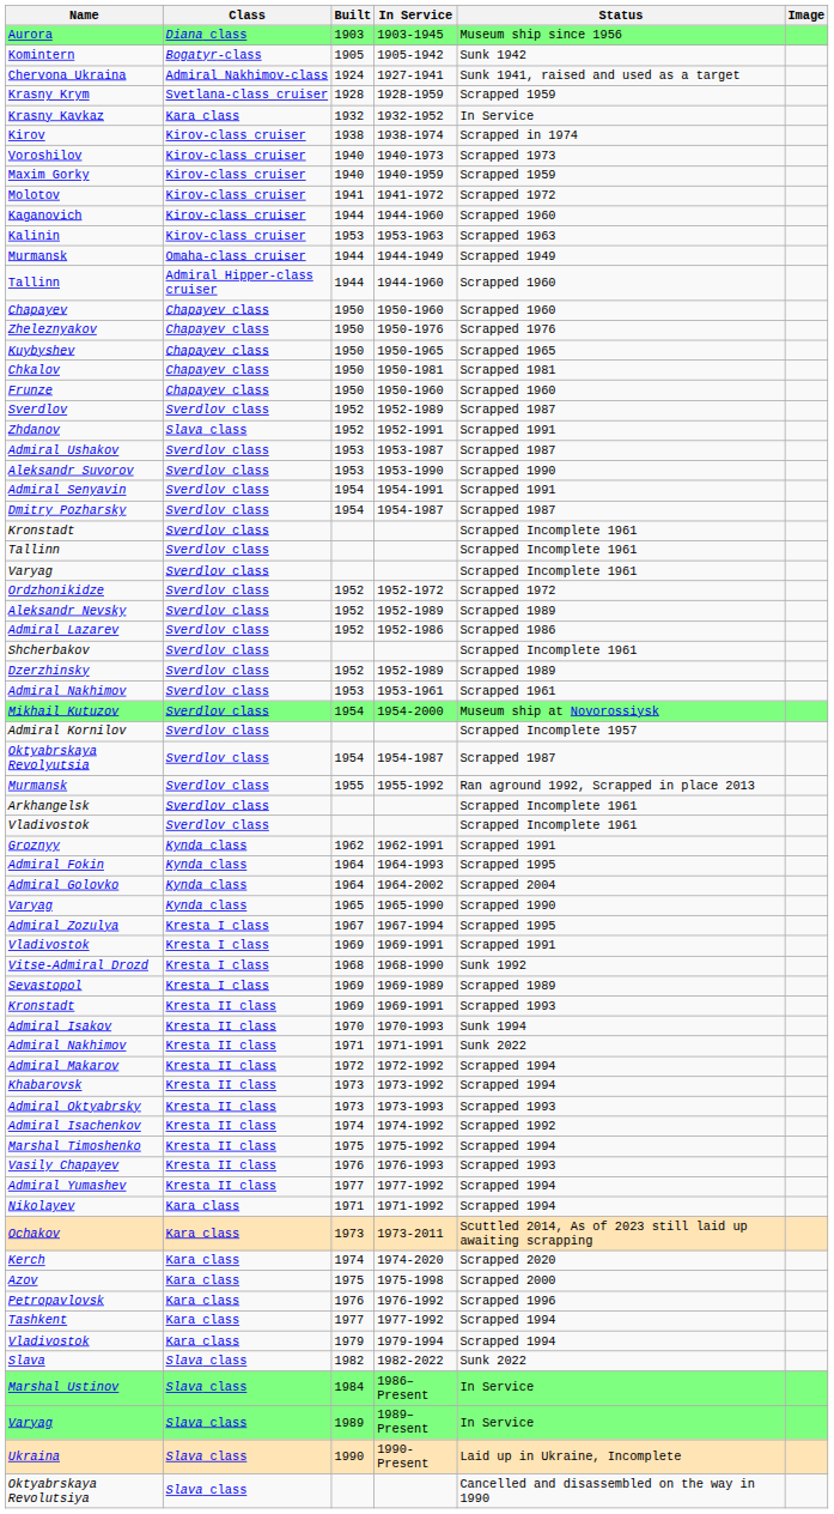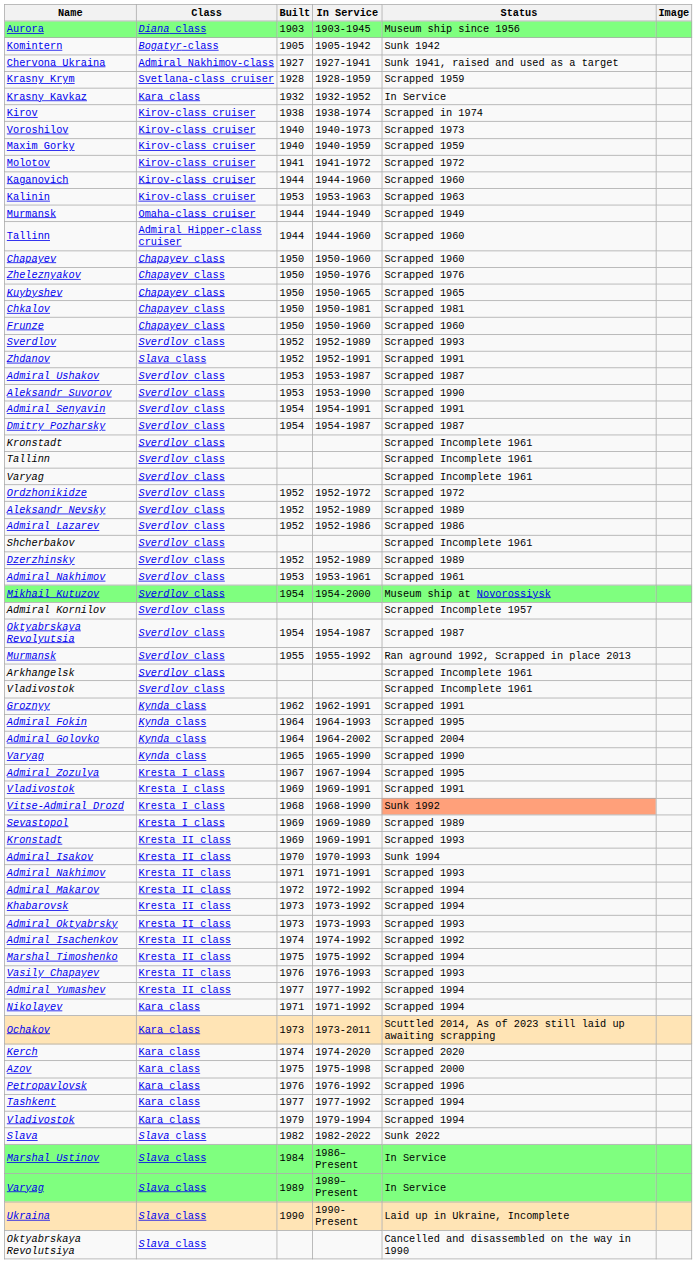 <table class="wikitable">
 <tr>
 <th>Name</th>
 <th>Class</th>
 <th>Built</th>
 <th>In Service</th>
 <th>Status</th>
 <th>Image</th>
 </tr>
 <tr style="background:#7FFF7F;">
 <td><a href='#'>Aurora</a></td>
 <td><a href='#'><em>Diana</em> class</a></td>
 <td>1903</td>
 <td>1903-1945</td>
 <td>Museum ship since 1956</td>
 <td></td>
 </tr>
 <tr>
 <td><a href='#'>Komintern</a></td>
 <td><a href='#'><em>Bogatyr</em>-class</a></td>
 <td>1905</td>
 <td>1905-1942</td>
 <td>Sunk 1942</td>
 <td></td>
 </tr>
 <tr>
 <td><a href='#'>Chervona Ukraina</a></td>
 <td><a href='#'>Admiral Nakhimov-class</a></td>
-<td>1924</td>
+<td>1927</td>
 <td>1927-1941</td>
 <td>Sunk 1941, raised and used as a target</td>
 <td></td>
 </tr>
 <tr>
 <td><a href='#'>Krasny Krym</a></td>
 <td><a href='#'>Svetlana-class cruiser</a></td>
 <td>1928</td>
 <td>1928-1959</td>
 <td>Scrapped 1959</td>
 <td></td>
 </tr>
 <tr>
 <td><a href='#'>Krasny Kavkaz</a></td>
 <td><a href='#'>Kara class</a></td>
 <td>1932</td>
 <td>1932-1952</td>
 <td>In Service</td>
 <td></td>
 </tr>
 <tr>
 <td><a href='#'>Kirov</a></td>
 <td><a href='#'>Kirov-class cruiser</a></td>
 <td>1938</td>
 <td>1938-1974</td>
 <td>Scrapped in 1974</td>
 <td></td>
 </tr>
 <tr>
 <td><a href='#'>Voroshilov</a></td>
 <td><a href='#'>Kirov-class cruiser</a></td>
 <td>1940</td>
 <td>1940-1973</td>
 <td>Scrapped 1973</td>
 <td></td>
 </tr>
 <tr>
 <td><a href='#'>Maxim Gorky</a></td>
 <td><a href='#'>Kirov-class cruiser</a></td>
 <td>1940</td>
 <td>1940-1959</td>
 <td>Scrapped 1959</td>
 <td></td>
 </tr>
 <tr>
 <td><a href='#'>Molotov</a></td>
 <td><a href='#'>Kirov-class cruiser</a></td>
 <td>1941</td>
 <td>1941-1972</td>
 <td>Scrapped 1972</td>
 <td></td>
 </tr>
 <tr>
 <td><a href='#'>Kaganovich</a></td>
 <td><a href='#'>Kirov-class cruiser</a></td>
 <td>1944</td>
 <td>1944-1960</td>
 <td>Scrapped 1960</td>
 <td></td>
 </tr>
 <tr>
 <td><a href='#'>Kalinin</a></td>
 <td><a href='#'>Kirov-class cruiser</a></td>
 <td>1953</td>
 <td>1953-1963</td>
 <td>Scrapped 1963</td>
 <td></td>
 </tr>
 <tr>
 <td><a href='#'>Murmansk</a></td>
 <td><a href='#'>Omaha-class cruiser</a></td>
 <td>1944</td>
 <td>1944-1949</td>
 <td>Scrapped 1949</td>
 <td></td>
 </tr>
 <tr>
 <td><a href='#'>Tallinn</a></td>
 <td><a href='#'>Admiral Hipper-class cruiser</a></td>
 <td>1944</td>
 <td>1944-1960</td>
 <td>Scrapped 1960</td>
 <td></td>
 </tr>
 <tr>
 <td><a href='#'><em>Chapayev</em></a></td>
 <td><a href='#'><em>Chapayev</em> class</a></td>
 <td>1950</td>
 <td>1950-1960</td>
 <td>Scrapped 1960</td>
 <td></td>
 </tr>
 <tr>
 <td><a href='#'><em>Zheleznyakov</em></a></td>
 <td><a href='#'><em>Chapayev</em> class</a></td>
 <td>1950</td>
 <td>1950-1976</td>
 <td>Scrapped 1976</td>
 <td></td>
 </tr>
 <tr>
 <td><a href='#'><em>Kuybyshev</em></a></td>
 <td><a href='#'><em>Chapayev</em> class</a></td>
 <td>1950</td>
 <td>1950-1965</td>
 <td>Scrapped 1965</td>
 <td></td>
 </tr>
 <tr>
 <td><a href='#'><em>Chkalov</em></a></td>
 <td><a href='#'><em>Chapayev</em> class</a></td>
 <td>1950</td>
 <td>1950-1981</td>
 <td>Scrapped 1981</td>
 <td></td>
 </tr>
 <tr>
 <td><a href='#'><em>Frunze</em></a></td>
 <td><a href='#'><em>Chapayev</em> class</a></td>
 <td>1950</td>
 <td>1950-1960</td>
 <td>Scrapped 1960</td>
 <td></td>
 </tr>
 <tr>
 <td><a href='#'><em>Sverdlov</em></a></td>
 <td><a href='#'><em>Sverdlov</em> class</a></td>
 <td>1952</td>
 <td>1952-1989</td>
-<td>Scrapped 1987</td>
+<td>Scrapped 1993</td>
 <td></td>
 </tr>
 <tr>
 <td><a href='#'><em>Zhdanov</em></a></td>
 <td><a href='#'><em>Slava</em> class</a></td>
 <td>1952</td>
 <td>1952-1991</td>
 <td>Scrapped 1991</td>
 <td></td>
 </tr>
 <tr>
 <td><a href='#'><em>Admiral Ushakov</em></a></td>
 <td><a href='#'><em>Sverdlov</em> class</a></td>
 <td>1953</td>
 <td>1953-1987</td>
 <td>Scrapped 1987</td>
 <td></td>
 </tr>
 <tr>
 <td><a href='#'><em>Aleksandr Suvorov</em></a></td>
 <td><a href='#'><em>Sverdlov</em> class</a></td>
 <td>1953</td>
 <td>1953-1990</td>
 <td>Scrapped 1990</td>
 <td></td>
 </tr>
 <tr>
 <td><a href='#'><em>Admiral Senyavin</em></a></td>
 <td><a href='#'><em>Sverdlov</em> class</a></td>
 <td>1954</td>
 <td>1954-1991</td>
 <td>Scrapped 1991</td>
 <td></td>
 </tr>
 <tr>
 <td><a href='#'><em>Dmitry Pozharsky</em></a></td>
 <td><a href='#'><em>Sverdlov</em> class</a></td>
 <td>1954</td>
 <td>1954-1987</td>
 <td>Scrapped 1987</td>
 <td></td>
 </tr>
 <tr>
 <td><em>Kronstadt</em></td>
 <td><a href='#'><em>Sverdlov</em> class</a></td>
 <td></td>
 <td></td>
 <td>Scrapped Incomplete 1961</td>
 <td></td>
 </tr>
 <tr>
 <td><em>Tallinn</em></td>
 <td><a href='#'><em>Sverdlov</em> class</a></td>
 <td></td>
 <td></td>
 <td>Scrapped Incomplete 1961</td>
 <td></td>
 </tr>
 <tr>
 <td><em>Varyag</em></td>
 <td><a href='#'><em>Sverdlov</em> class</a></td>
 <td></td>
 <td></td>
 <td>Scrapped Incomplete 1961</td>
 <td></td>
 </tr>
 <tr>
 <td><a href='#'><em>Ordzhonikidze</em></a></td>
 <td><a href='#'><em>Sverdlov</em> class</a></td>
 <td>1952</td>
 <td>1952-1972</td>
 <td>Scrapped 1972</td>
 <td></td>
 </tr>
 <tr>
 <td><a href='#'><em>Aleksandr Nevsky</em></a></td>
 <td><a href='#'><em>Sverdlov</em> class</a></td>
 <td>1952</td>
 <td>1952-1989</td>
 <td>Scrapped 1989</td>
 <td></td>
 </tr>
 <tr>
 <td><a href='#'><em>Admiral Lazarev</em></a></td>
 <td><a href='#'><em>Sverdlov</em> class</a></td>
 <td>1952</td>
 <td>1952-1986</td>
 <td>Scrapped 1986</td>
 <td></td>
 </tr>
 <tr>
 <td><em>Shcherbakov</em></td>
 <td><a href='#'><em>Sverdlov</em> class</a></td>
 <td></td>
 <td></td>
 <td>Scrapped Incomplete 1961</td>
 <td></td>
 </tr>
 <tr>
 <td><a href='#'><em>Dzerzhinsky</em></a></td>
 <td><a href='#'><em>Sverdlov</em> class</a></td>
 <td>1952</td>
 <td>1952-1989</td>
 <td>Scrapped 1989</td>
 <td></td>
 </tr>
 <tr>
 <td><a href='#'><em>Admiral Nakhimov</em></a></td>
 <td><a href='#'><em>Sverdlov</em> class</a></td>
 <td>1953</td>
 <td>1953-1961</td>
 <td>Scrapped 1961</td>
 <td></td>
 </tr>
 <tr style="background:#7FFF7F;">
 <td><a href='#'><em>Mikhail Kutuzov</em></a></td>
 <td><a href='#'><em>Sverdlov</em> class</a></td>
 <td>1954</td>
 <td>1954-2000</td>
 <td>Museum ship at <a href='#'>Novorossiysk</a></td>
 <td></td>
 </tr>
 <tr>
 <td><em>Admiral Kornilov</em></td>
 <td><a href='#'><em>Sverdlov</em> class</a></td>
 <td></td>
 <td></td>
 <td>Scrapped Incomplete 1957</td>
 <td></td>
 </tr>
 <tr>
 <td><a href='#'><em>Oktyabrskaya Revolyutsia</em></a></td>
 <td><a href='#'><em>Sverdlov</em> class</a></td>
 <td>1954</td>
 <td>1954-1987</td>
 <td>Scrapped 1987</td>
 <td></td>
 </tr>
 <tr>
 <td><a href='#'><em>Murmansk</em></a></td>
 <td><a href='#'><em>Sverdlov</em> class</a></td>
 <td>1955</td>
 <td>1955-1992</td>
 <td>Ran aground 1992, Scrapped in place 2013</td>
 <td></td>
 </tr>
 <tr>
 <td><em>Arkhangelsk</em></td>
 <td><a href='#'><em>Sverdlov</em> class</a></td>
 <td></td>
 <td></td>
 <td>Scrapped Incomplete 1961</td>
 <td></td>
 </tr>
 <tr>
 <td><em>Vladivostok</em></td>
 <td><a href='#'><em>Sverdlov</em> class</a></td>
 <td></td>
 <td></td>
 <td>Scrapped Incomplete 1961</td>
 <td></td>
 </tr>
 <tr>
 <td><a href='#'><em>Groznyy</em></a></td>
 <td><a href='#'><em>Kynda</em> class</a></td>
 <td>1962</td>
 <td>1962-1991</td>
 <td>Scrapped 1991</td>
 <td></td>
 </tr>
 <tr>
 <td><a href='#'><em>Admiral Fokin</em></a></td>
 <td><a href='#'><em>Kynda</em> class</a></td>
 <td>1964</td>
 <td>1964-1993</td>
 <td>Scrapped 1995</td>
 <td></td>
 </tr>
 <tr>
 <td><a href='#'><em>Admiral Golovko</em></a></td>
 <td><a href='#'><em>Kynda</em> class</a></td>
 <td>1964</td>
 <td>1964-2002</td>
 <td>Scrapped 2004</td>
 <td></td>
 </tr>
 <tr>
 <td><a href='#'><em>Varyag</em></a></td>
 <td><a href='#'><em>Kynda</em> class</a></td>
 <td>1965</td>
 <td>1965-1990</td>
 <td>Scrapped 1990</td>
 <td></td>
 </tr>
 <tr>
 <td><a href='#'><em>Admiral Zozulya</em></a></td>
 <td><a href='#'>Kresta I class</a></td>
 <td>1967</td>
 <td>1967-1994</td>
 <td>Scrapped 1995</td>
 <td></td>
 </tr>
 <tr>
 <td><a href='#'><em>Vladivostok</em></a></td>
 <td><a href='#'>Kresta I class</a></td>
 <td>1969</td>
 <td>1969-1991</td>
 <td>Scrapped 1991</td>
 <td></td>
 </tr>
 <tr>
 <td><a href='#'><em>Vitse-Admiral Drozd</em></a></td>
 <td><a href='#'>Kresta I class</a></td>
 <td>1968</td>
 <td>1968-1990</td>
-<td>Sunk 1992</td>
+<td style="background: lightsalmon;">Sunk 1992</td>
 <td></td>
 </tr>
 <tr>
 <td><a href='#'><em>Sevastopol</em></a></td>
 <td><a href='#'>Kresta I class</a></td>
 <td>1969</td>
 <td>1969-1989</td>
 <td>Scrapped 1989</td>
 <td></td>
 </tr>
 <tr>
 <td><a href='#'><em>Kronstadt</em></a></td>
 <td><a href='#'>Kresta II class</a></td>
 <td>1969</td>
 <td>1969-1991</td>
 <td>Scrapped 1993</td>
 <td></td>
 </tr>
 <tr>
 <td><a href='#'><em>Admiral Isakov</em></a></td>
 <td><a href='#'>Kresta II class</a></td>
 <td>1970</td>
 <td>1970-1993</td>
 <td>Sunk 1994</td>
 <td></td>
 </tr>
 <tr>
 <td><a href='#'><em>Admiral Nakhimov</em></a></td>
 <td><a href='#'>Kresta II class</a></td>
 <td>1971</td>
 <td>1971-1991</td>
-<td>Sunk 2022</td>
+<td>Scrapped 1993</td>
 <td></td>
 </tr>
 <tr>
 <td><a href='#'><em>Admiral Makarov</em></a></td>
 <td><a href='#'>Kresta II class</a></td>
 <td>1972</td>
 <td>1972-1992</td>
 <td>Scrapped 1994</td>
 <td></td>
 </tr>
 <tr>
 <td><em><a href='#'>Khabarovsk</a></em></td>
 <td><a href='#'>Kresta II class</a></td>
 <td>1973</td>
 <td>1973-1992</td>
 <td>Scrapped 1994</td>
 <td></td>
 </tr>
 <tr>
 <td><a href='#'><em>Admiral Oktyabrsky</em></a></td>
 <td><a href='#'>Kresta II class</a></td>
 <td>1973</td>
 <td>1973-1993</td>
 <td>Scrapped 1993</td>
 <td></td>
 </tr>
 <tr>
 <td><a href='#'><em>Admiral Isachenkov</em></a></td>
 <td><a href='#'>Kresta II class</a></td>
 <td>1974</td>
 <td>1974-1992</td>
 <td>Scrapped 1992</td>
 <td></td>
 </tr>
 <tr>
 <td><a href='#'><em>Marshal Timoshenko</em></a></td>
 <td><a href='#'>Kresta II class</a></td>
 <td>1975</td>
 <td>1975-1992</td>
 <td>Scrapped 1994</td>
 <td></td>
 </tr>
 <tr>
 <td><a href='#'><em>Vasily Chapayev</em></a></td>
 <td><a href='#'>Kresta II class</a></td>
 <td>1976</td>
 <td>1976-1993</td>
 <td>Scrapped 1993</td>
 <td></td>
 </tr>
 <tr>
 <td><a href='#'><em>Admiral Yumashev</em></a></td>
 <td><a href='#'>Kresta II class</a></td>
 <td>1977</td>
 <td>1977-1992</td>
 <td>Scrapped 1994</td>
 <td></td>
 </tr>
 <tr>
 <td><a href='#'><em>Nikolayev</em></a></td>
 <td><a href='#'>Kara class</a></td>
 <td>1971</td>
 <td>1971-1992</td>
 <td>Scrapped 1994</td>
 <td></td>
 </tr>
 <tr style="background: #FFE4B5">
 <td><a href='#'><em>Ochakov</em></a></td>
 <td><a href='#'>Kara class</a></td>
 <td>1973</td>
 <td>1973-2011</td>
 <td>Scuttled 2014, As of 2023 still laid up awaiting scrapping</td>
 <td></td>
 </tr>
 <tr>
 <td><a href='#'><em>Kerch</em></a></td>
 <td><a href='#'>Kara class</a></td>
 <td>1974</td>
 <td>1974-2020</td>
 <td>Scrapped 2020</td>
 <td></td>
 </tr>
 <tr>
 <td><a href='#'><em>Azov</em></a></td>
 <td><a href='#'>Kara class</a></td>
 <td>1975</td>
 <td>1975-1998</td>
 <td>Scrapped 2000</td>
 <td></td>
 </tr>
 <tr>
 <td><a href='#'><em>Petropavlovsk</em></a></td>
 <td><a href='#'>Kara class</a></td>
 <td>1976</td>
 <td>1976-1992</td>
 <td>Scrapped 1996</td>
 <td></td>
 </tr>
 <tr>
 <td><a href='#'><em>Tashkent</em></a></td>
 <td><a href='#'>Kara class</a></td>
 <td>1977</td>
 <td>1977-1992</td>
 <td>Scrapped 1994</td>
 <td></td>
 </tr>
 <tr>
 <td><em><a href='#'>Vladivostok</a></em></td>
 <td><a href='#'>Kara class</a></td>
 <td>1979</td>
 <td>1979-1994</td>
 <td>Scrapped 1994</td>
 <td></td>
 </tr>
 <tr>
 <td><a href='#'><em>Slava</em></a></td>
 <td><a href='#'><em>Slava</em> class</a></td>
 <td>1982</td>
 <td>1982-2022</td>
 <td>Sunk 2022</td>
 <td></td>
 </tr>
 <tr style="background:#7FFF7F;">
 <td><em><a href='#'>Marshal Ustinov</a></em></td>
 <td><a href='#'><em>Slava</em> class</a></td>
 <td>1984</td>
 <td>1986–Present</td>
 <td>In Service</td>
 <td></td>
 </tr>
 <tr style="background:#7FFF7F;">
 <td><em><a href='#'>Varyag</a></em></td>
 <td><a href='#'><em>Slava</em> class</a></td>
 <td>1989</td>
 <td>1989–Present</td>
 <td>In Service</td>
 <td></td>
 </tr>
 <tr style="background: #FFE4B5">
 <td><em><a href='#'>Ukraina</a></em></td>
 <td><a href='#'><em>Slava</em> class</a></td>
 <td>1990</td>
 <td>1990-Present</td>
 <td>Laid up in Ukraine, Incomplete</td>
 <td></td>
 </tr>
 <tr>
 <td><em>Oktyabrskaya Revolutsiya</em></td>
 <td><a href='#'><em>Slava</em> class</a></td>
 <td></td>
 <td></td>
 <td>Cancelled and disassembled on the way in 1990</td>
 <td></td>
 </tr>
 </table>
